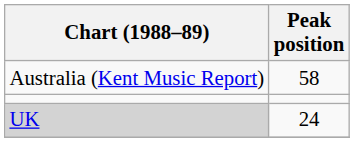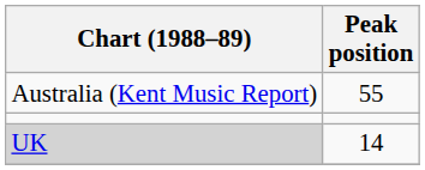 <table class="wikitable">
 <tr>
 <th>Chart (1988–89)</th>
 <th>Peak<br>position</th>
 </tr>
 <tr>
 <td>Australia (<a href='#'>Kent Music Report</a>)</td>
-<td style="text-align:center;">58</td>
+<td style="text-align:center;">55</td>
 </tr>
 <tr>
 <td></td>
 </tr>
 <tr>
 <td style="background: lightgrey;"><a href='#'>UK</a></td>
-<td style="text-align:center;">24</td>
+<td style="text-align:center;">14</td>
 </tr>
 <tr>
 </tr>
 </table>
